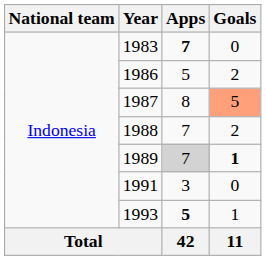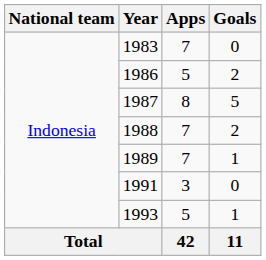 <table class="wikitable" style="text-align:center">
 <tr>
 <th>National team</th>
 <th>Year</th>
 <th>Apps</th>
 <th>Goals</th>
 </tr>
 <tr>
 <td rowspan="7"><a href='#'>Indonesia</a></td>
 <td>1983</td>
-<td><strong>7</strong></td>
+<td>7</td>
 <td>0</td>
 </tr>
 <tr>
 <td>1986</td>
 <td>5</td>
 <td>2</td>
 </tr>
 <tr>
 <td>1987</td>
 <td>8</td>
-<td style="background: lightsalmon;">5</td>
+<td>5</td>
 </tr>
 <tr>
 <td>1988</td>
 <td>7</td>
 <td>2</td>
 </tr>
 <tr>
 <td>1989</td>
-<td style="background: lightgrey;">7</td>
-<td><strong>1</strong></td>
+<td>7</td>
+<td>1</td>
 </tr>
 <tr>
 <td>1991</td>
 <td>3</td>
 <td>0</td>
 </tr>
 <tr>
 <td>1993</td>
-<td><strong>5</strong></td>
+<td>5</td>
 <td>1</td>
 </tr>
 <tr>
 <th colspan="2">Total</th>
 <th>42</th>
 <th>11</th>
 </tr>
 </table>
